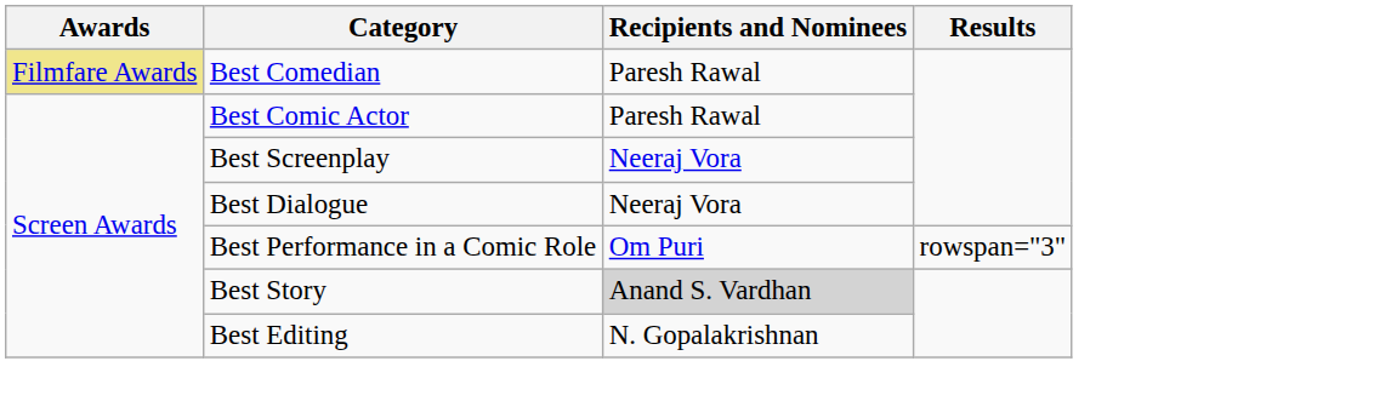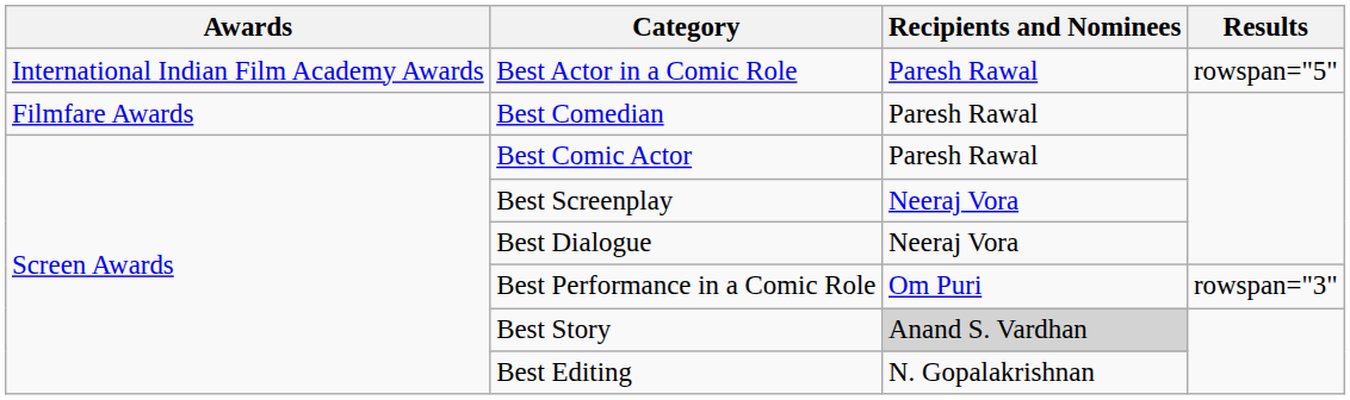 <table class="wikitable plainrowheaders sortable">
 <tr>
 <th>Awards</th>
 <th>Category</th>
 <th>Recipients and Nominees</th>
 <th>Results</th>
 </tr>
 <tr>
-<td rowspan="1" style="background: khaki;"><a href='#'>Filmfare Awards</a></td>
+<td rowspan="1"><a href='#'>International Indian Film Academy Awards</a></td>
+<td><a href='#'>Best Actor in a Comic Role</a></td>
+<td><a href='#'>Paresh Rawal</a></td>
+<td>rowspan="5" </td>
+</tr>
+<tr>
+<td rowspan="1"><a href='#'>Filmfare Awards</a></td>
 <td><a href='#'>Best Comedian</a></td>
 <td>Paresh Rawal</td>
 </tr>
 <tr>
 <td rowspan="6"><a href='#'>Screen Awards</a></td>
 <td><a href='#'>Best Comic Actor</a></td>
 <td>Paresh Rawal</td>
 </tr>
 <tr>
 <td>Best Screenplay</td>
 <td><a href='#'>Neeraj Vora</a></td>
 </tr>
 <tr>
 <td>Best Dialogue</td>
 <td>Neeraj Vora</td>
 </tr>
 <tr>
 <td>Best Performance in a Comic Role</td>
 <td><a href='#'>Om Puri</a></td>
 <td>rowspan="3" </td>
 </tr>
 <tr>
 <td>Best Story</td>
 <td style="background: lightgrey;">Anand S. Vardhan</td>
 </tr>
 <tr>
 <td>Best Editing</td>
 <td>N. Gopalakrishnan</td>
 </tr>
 </table>
